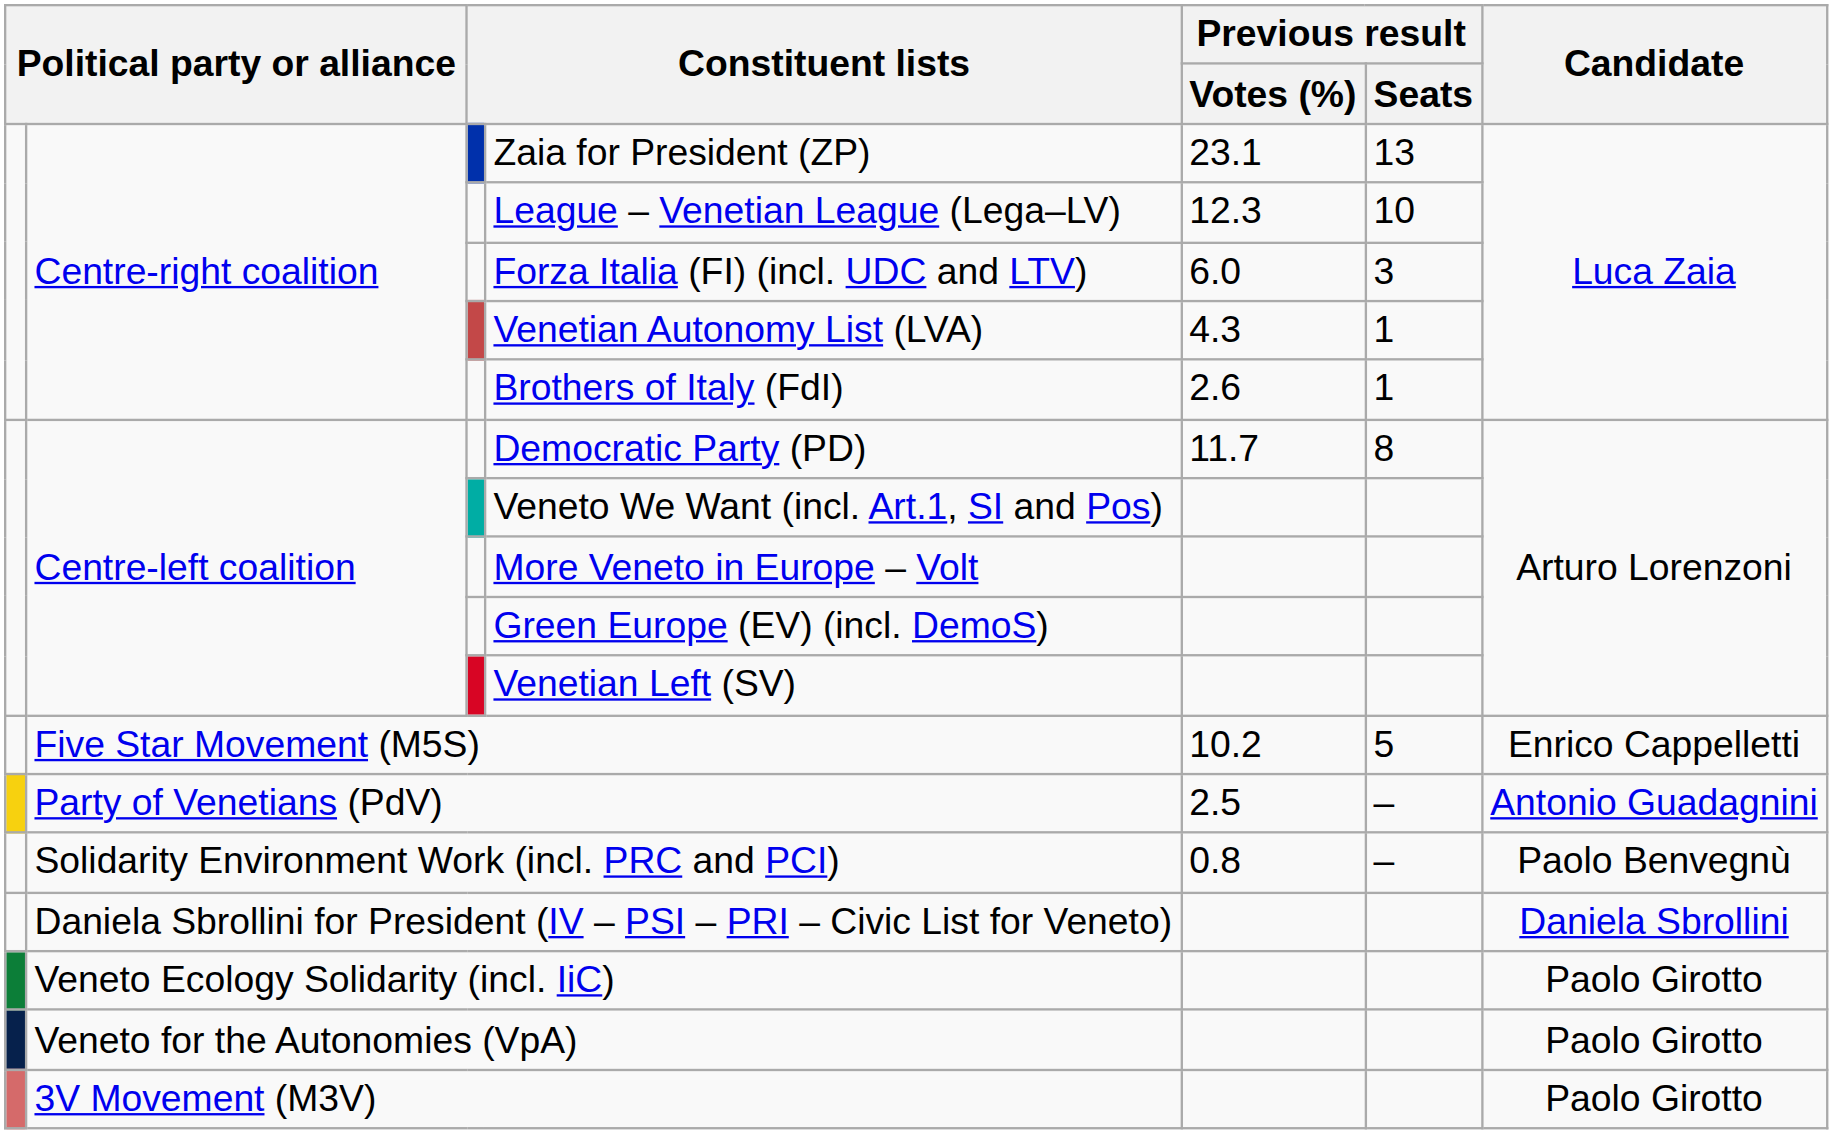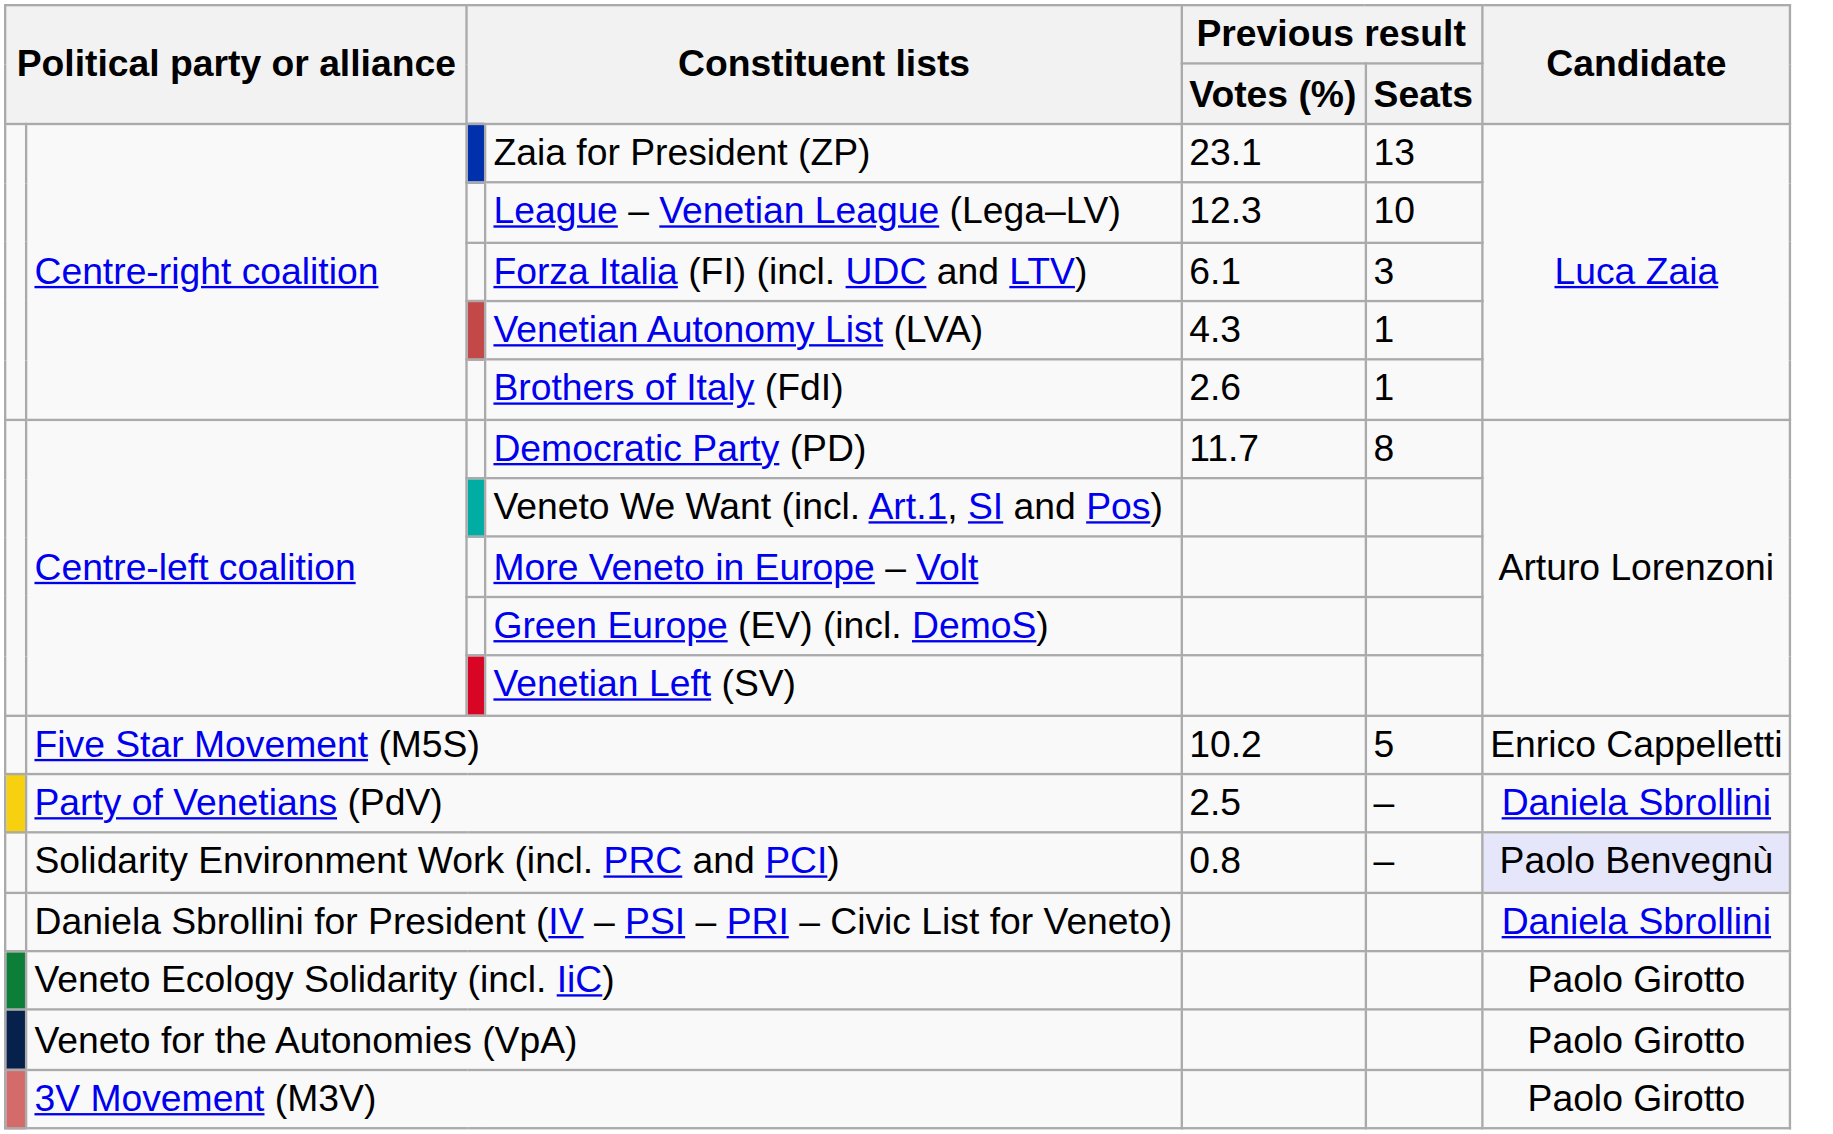 <table class="wikitable" style="text-align:left">
 <tr>
 <th colspan=2 rowspan="2">Political party or alliance</th>
 <th colspan=2 rowspan="2">Constituent lists</th>
 <th colspan="2">Previous result</th>
 <th rowspan="2">Candidate</th>
 </tr>
 <tr>
 <th>Votes (%)</th>
 <th>Seats</th>
 </tr>
 <tr>
 <td rowspan="5" style="background:"></td>
 <td rowspan=5><a href='#'>Centre-right coalition</a></td>
 <td bgcolor="#0030AB"></td>
 <td style="text-align:left;">Zaia for President (ZP)</td>
 <td>23.1</td>
 <td>13</td>
 <td rowspan="5" style="text-align:center;"><a href='#'>Luca Zaia</a></td>
 </tr>
 <tr>
 <td></td>
 <td style="text-align:left;"><a href='#'>League</a> – <a href='#'>Venetian League</a> (Lega–LV)</td>
 <td>12.3</td>
 <td>10</td>
 </tr>
 <tr>
 <td></td>
 <td style="text-align:left;"><a href='#'>Forza Italia</a> (FI) (incl. <a href='#'>UDC</a> and <a href='#'>LTV</a>)</td>
-<td>6.0</td>
+<td>6.1</td>
 <td>3</td>
 </tr>
 <tr>
 <td bgcolor="C34848"></td>
 <td style="text-align:left;"><a href='#'>Venetian Autonomy List</a> (LVA)</td>
 <td>4.3</td>
 <td>1</td>
 </tr>
 <tr>
 <td></td>
 <td style="text-align:left;"><a href='#'>Brothers of Italy</a> (FdI)</td>
 <td>2.6</td>
 <td>1</td>
 </tr>
 <tr>
 <td rowspan="5"></td>
 <td rowspan=5><a href='#'>Centre-left coalition</a></td>
 <td></td>
 <td style="text-align:left;"><a href='#'>Democratic Party</a> (PD)</td>
 <td>11.7</td>
 <td>8</td>
 <td rowspan="5" style="text-align:center;">Arturo Lorenzoni</td>
 </tr>
 <tr>
 <td bgcolor="#00ADA4"></td>
 <td style="text-align:left;">Veneto We Want (incl. <a href='#'>Art.1</a>, <a href='#'>SI</a> and <a href='#'>Pos</a>)</td>
 <td></td>
 <td></td>
 </tr>
 <tr>
 <td></td>
 <td style="text-align:left;"><a href='#'>More Veneto in Europe</a> – <a href='#'>Volt</a></td>
 <td></td>
 <td></td>
 </tr>
 <tr>
 <td></td>
 <td style="text-align:left;"><a href='#'>Green Europe</a> (EV) (incl. <a href='#'>DemoS</a>)</td>
 <td></td>
 <td></td>
 </tr>
 <tr>
 <td bgcolor="#D80524"></td>
 <td><a href='#'>Venetian Left</a> (SV)</td>
 <td></td>
 <td></td>
 </tr>
 <tr>
 <td style="background-color:"></td>
 <td colspan="3"><a href='#'>Five Star Movement</a> (M5S)</td>
 <td>10.2</td>
 <td>5</td>
 <td style="text-align:center;">Enrico Cappelletti</td>
 </tr>
 <tr>
 <td style="background-color:#F7D10F"></td>
 <td colspan="3"><a href='#'>Party of Venetians</a> (PdV)</td>
 <td>2.5</td>
 <td>–</td>
-<td style="text-align:center;"><a href='#'>Antonio Guadagnini</a></td>
+<td style="text-align:center;"><a href='#'>Daniela Sbrollini</a></td>
 </tr>
 <tr>
 <td></td>
 <td colspan="3">Solidarity Environment Work (incl. <a href='#'>PRC</a> and <a href='#'>PCI</a>)</td>
 <td>0.8</td>
 <td>–</td>
-<td style="text-align:center;">Paolo Benvegnù</td>
+<td style="background: lavender; text-align:center;">Paolo Benvegnù</td>
 </tr>
 <tr>
 <td style="background-color:"></td>
 <td colspan="3">Daniela Sbrollini for President (<a href='#'>IV</a> – <a href='#'>PSI</a> – <a href='#'>PRI</a> – Civic List for Veneto)</td>
 <td></td>
 <td></td>
 <td style="text-align:center;"><a href='#'>Daniela Sbrollini</a></td>
 </tr>
 <tr>
 <td style="background-color:#0C7E38"></td>
 <td colspan="3">Veneto Ecology Solidarity (incl. <a href='#'>IiC</a>)</td>
 <td></td>
 <td></td>
 <td style="text-align:center;">Paolo Girotto</td>
 </tr>
 <tr>
 <td style="background-color:#06214C"></td>
 <td colspan="3">Veneto for the Autonomies (VpA)</td>
 <td></td>
 <td></td>
 <td style="text-align:center;">Paolo Girotto</td>
 </tr>
 <tr>
 <td style="background-color:#D56A6A"></td>
 <td colspan="3"><a href='#'>3V Movement</a> (M3V)</td>
 <td></td>
 <td></td>
 <td style="text-align:center;">Paolo Girotto</td>
 </tr>
 </table>
